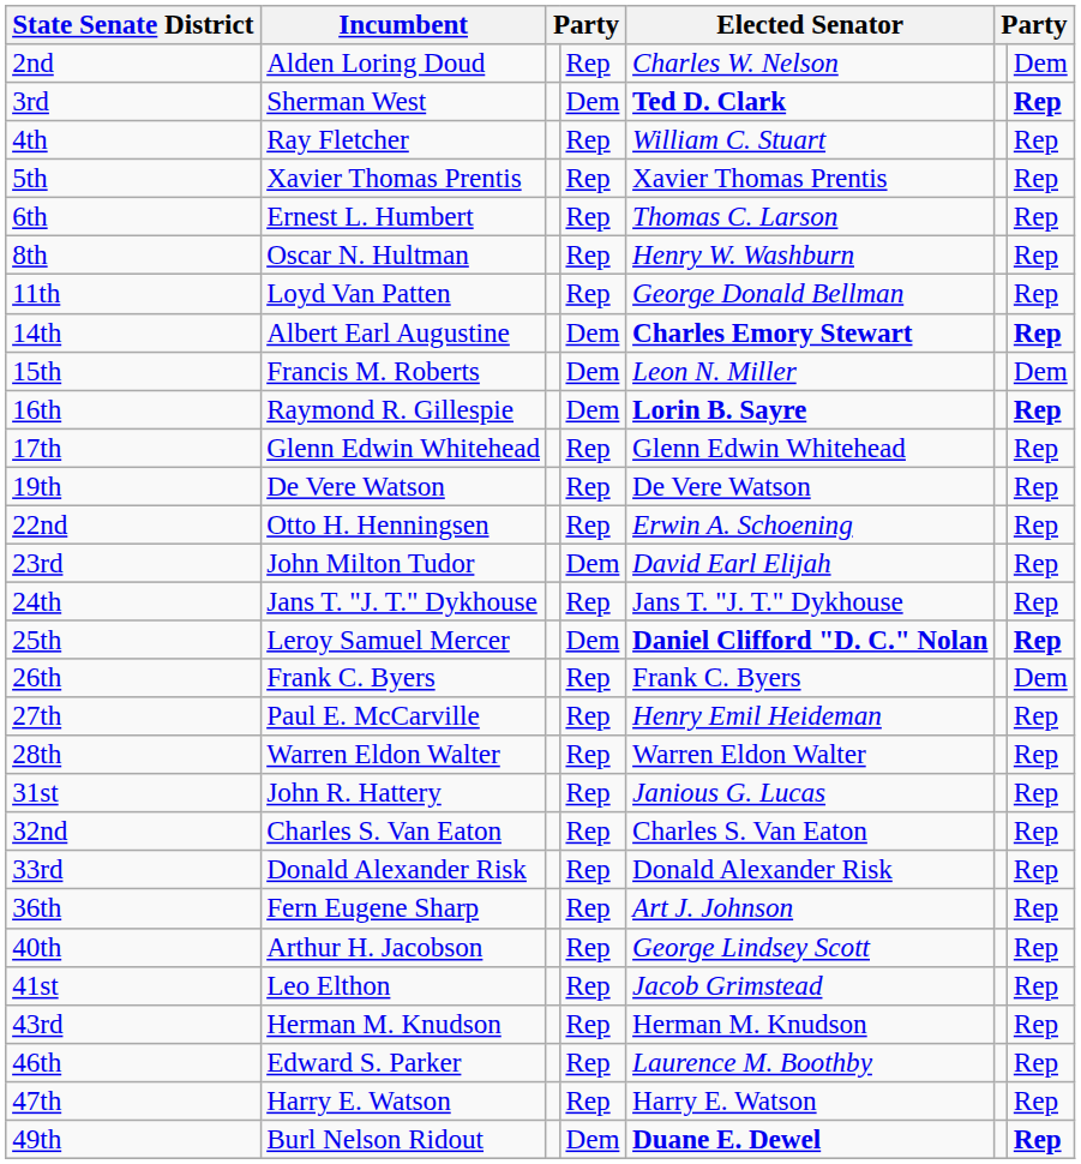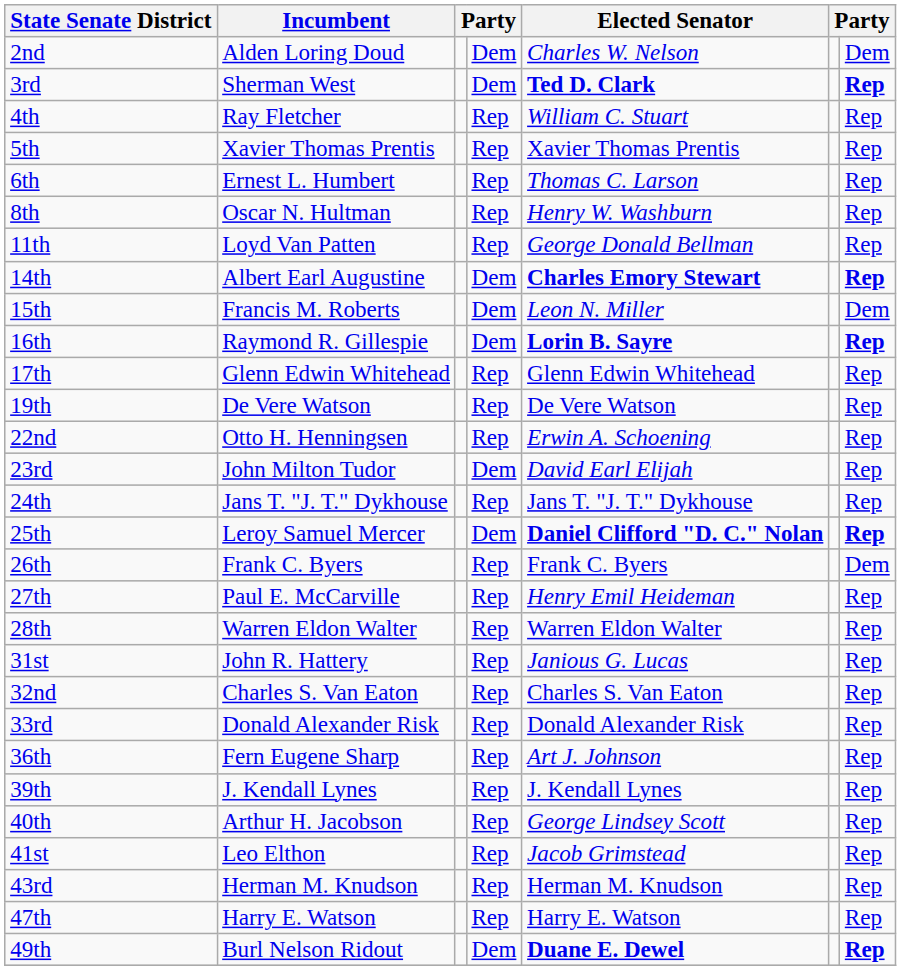 <table class="sortable wikitable" style="font-size:95%;line-height:14px;">
 <tr>
 <th class="unsortable"><a href='#'>State Senate</a> District</th>
 <th class="unsortable"><a href='#'>Incumbent</a></th>
 <th colspan="2">Party</th>
 <th class="unsortable">Elected Senator</th>
 <th colspan="2">Party</th>
 </tr>
 <tr>
 <td><a href='#'>2nd</a></td>
 <td><a href='#'>Alden Loring Doud</a></td>
 <td style="background:"></td>
-<td><a href='#'>Rep</a></td>
+<td><a href='#'>Dem</a></td>
 <td><em><a href='#'>Charles W. Nelson</a></em></td>
 <td style="background:"></td>
 <td><a href='#'>Dem</a></td>
 </tr>
 <tr>
 <td><a href='#'>3rd</a></td>
 <td><a href='#'>Sherman West</a></td>
 <td style="background:"></td>
 <td><a href='#'>Dem</a></td>
 <td><strong><a href='#'>Ted D. Clark</a></strong></td>
 <td style="background:"></td>
 <td><strong><a href='#'>Rep</a></strong></td>
 </tr>
 <tr>
 <td><a href='#'>4th</a></td>
 <td><a href='#'>Ray Fletcher</a></td>
 <td style="background:"></td>
 <td><a href='#'>Rep</a></td>
 <td><em><a href='#'>William C. Stuart</a></em></td>
 <td style="background:"></td>
 <td><a href='#'>Rep</a></td>
 </tr>
 <tr>
 <td><a href='#'>5th</a></td>
 <td><a href='#'>Xavier Thomas Prentis</a></td>
 <td style="background:"></td>
 <td><a href='#'>Rep</a></td>
 <td><a href='#'>Xavier Thomas Prentis</a></td>
 <td style="background:"></td>
 <td><a href='#'>Rep</a></td>
 </tr>
 <tr>
 <td><a href='#'>6th</a></td>
 <td><a href='#'>Ernest L. Humbert</a></td>
 <td style="background:"></td>
 <td><a href='#'>Rep</a></td>
 <td><em><a href='#'>Thomas C. Larson</a></em></td>
 <td style="background:"></td>
 <td><a href='#'>Rep</a></td>
 </tr>
 <tr>
 <td><a href='#'>8th</a></td>
 <td><a href='#'>Oscar N. Hultman</a></td>
 <td style="background:"></td>
 <td><a href='#'>Rep</a></td>
 <td><em><a href='#'>Henry W. Washburn</a></em></td>
 <td style="background:"></td>
 <td><a href='#'>Rep</a></td>
 </tr>
 <tr>
 <td><a href='#'>11th</a></td>
 <td><a href='#'>Loyd Van Patten</a></td>
 <td style="background:"></td>
 <td><a href='#'>Rep</a></td>
 <td><em><a href='#'>George Donald Bellman</a></em></td>
 <td style="background:"></td>
 <td><a href='#'>Rep</a></td>
 </tr>
 <tr>
 <td><a href='#'>14th</a></td>
 <td><a href='#'>Albert Earl Augustine</a></td>
 <td style="background:"></td>
 <td><a href='#'>Dem</a></td>
 <td><strong><a href='#'>Charles Emory Stewart</a></strong></td>
 <td style="background:"></td>
 <td><strong><a href='#'>Rep</a></strong></td>
 </tr>
 <tr>
 <td><a href='#'>15th</a></td>
 <td><a href='#'>Francis M. Roberts</a></td>
 <td style="background:"></td>
 <td><a href='#'>Dem</a></td>
 <td><em><a href='#'>Leon N. Miller</a></em></td>
 <td style="background:"></td>
 <td><a href='#'>Dem</a></td>
 </tr>
 <tr>
 <td><a href='#'>16th</a></td>
 <td><a href='#'>Raymond R. Gillespie</a></td>
 <td style="background:"></td>
 <td><a href='#'>Dem</a></td>
 <td><strong><a href='#'>Lorin B. Sayre</a></strong></td>
 <td style="background:"></td>
 <td><strong><a href='#'>Rep</a></strong></td>
 </tr>
 <tr>
 <td><a href='#'>17th</a></td>
 <td><a href='#'>Glenn Edwin Whitehead</a></td>
 <td style="background:"></td>
 <td><a href='#'>Rep</a></td>
 <td><a href='#'>Glenn Edwin Whitehead</a></td>
 <td style="background:"></td>
 <td><a href='#'>Rep</a></td>
 </tr>
 <tr>
 <td><a href='#'>19th</a></td>
 <td><a href='#'>De Vere Watson</a></td>
 <td style="background:"></td>
 <td><a href='#'>Rep</a></td>
 <td><a href='#'>De Vere Watson</a></td>
 <td style="background:"></td>
 <td><a href='#'>Rep</a></td>
 </tr>
 <tr>
 <td><a href='#'>22nd</a></td>
 <td><a href='#'>Otto H. Henningsen</a></td>
 <td style="background:"></td>
 <td><a href='#'>Rep</a></td>
 <td><em><a href='#'>Erwin A. Schoening</a></em></td>
 <td style="background:"></td>
 <td><a href='#'>Rep</a></td>
 </tr>
 <tr>
 <td><a href='#'>23rd</a></td>
 <td><a href='#'>John Milton Tudor</a></td>
 <td style="background:"></td>
 <td><a href='#'>Dem</a></td>
 <td><em><a href='#'>David Earl Elijah</a></em></td>
 <td style="background:"></td>
 <td><a href='#'>Rep</a></td>
 </tr>
 <tr>
 <td><a href='#'>24th</a></td>
 <td><a href='#'>Jans T. "J. T." Dykhouse</a></td>
 <td style="background:"></td>
 <td><a href='#'>Rep</a></td>
 <td><a href='#'>Jans T. "J. T." Dykhouse</a></td>
 <td style="background:"></td>
 <td><a href='#'>Rep</a></td>
 </tr>
 <tr>
 <td><a href='#'>25th</a></td>
 <td><a href='#'>Leroy Samuel Mercer</a></td>
 <td style="background:"></td>
 <td><a href='#'>Dem</a></td>
 <td><strong><a href='#'>Daniel Clifford "D. C." Nolan</a></strong></td>
 <td style="background:"></td>
 <td><strong><a href='#'>Rep</a></strong></td>
 </tr>
 <tr>
 <td><a href='#'>26th</a></td>
 <td><a href='#'>Frank C. Byers</a></td>
 <td style="background:"></td>
 <td><a href='#'>Rep</a></td>
 <td><a href='#'>Frank C. Byers</a></td>
 <td style="background:"></td>
 <td><a href='#'>Dem</a></td>
 </tr>
 <tr>
 <td><a href='#'>27th</a></td>
 <td><a href='#'>Paul E. McCarville</a></td>
 <td style="background:"></td>
 <td><a href='#'>Rep</a></td>
 <td><em><a href='#'>Henry Emil Heideman</a></em></td>
 <td style="background:"></td>
 <td><a href='#'>Rep</a></td>
 </tr>
 <tr>
 <td><a href='#'>28th</a></td>
 <td><a href='#'>Warren Eldon Walter</a></td>
 <td style="background:"></td>
 <td><a href='#'>Rep</a></td>
 <td><a href='#'>Warren Eldon Walter</a></td>
 <td style="background:"></td>
 <td><a href='#'>Rep</a></td>
 </tr>
 <tr>
 <td><a href='#'>31st</a></td>
 <td><a href='#'>John R. Hattery</a></td>
 <td style="background:"></td>
 <td><a href='#'>Rep</a></td>
 <td><em><a href='#'>Janious G. Lucas</a></em></td>
 <td style="background:"></td>
 <td><a href='#'>Rep</a></td>
 </tr>
 <tr>
 <td><a href='#'>32nd</a></td>
 <td><a href='#'>Charles S. Van Eaton</a></td>
 <td style="background:"></td>
 <td><a href='#'>Rep</a></td>
 <td><a href='#'>Charles S. Van Eaton</a></td>
 <td style="background:"></td>
 <td><a href='#'>Rep</a></td>
 </tr>
 <tr>
 <td><a href='#'>33rd</a></td>
 <td><a href='#'>Donald Alexander Risk</a></td>
 <td style="background:"></td>
 <td><a href='#'>Rep</a></td>
 <td><a href='#'>Donald Alexander Risk</a></td>
 <td style="background:"></td>
 <td><a href='#'>Rep</a></td>
 </tr>
 <tr>
 <td><a href='#'>36th</a></td>
 <td><a href='#'>Fern Eugene Sharp</a></td>
 <td style="background:"></td>
 <td><a href='#'>Rep</a></td>
 <td><em><a href='#'>Art J. Johnson</a></em></td>
 <td style="background:"></td>
 <td><a href='#'>Rep</a></td>
 </tr>
 <tr>
+<td><a href='#'>39th</a></td>
+<td><a href='#'>J. Kendall Lynes</a></td>
+<td style="background:"></td>
+<td><a href='#'>Rep</a></td>
+<td><a href='#'>J. Kendall Lynes</a></td>
+<td style="background:"></td>
+<td><a href='#'>Rep</a></td>
+</tr>
+<tr>
 <td><a href='#'>40th</a></td>
 <td><a href='#'>Arthur H. Jacobson</a></td>
 <td style="background:"></td>
 <td><a href='#'>Rep</a></td>
 <td><em><a href='#'>George Lindsey Scott</a></em></td>
 <td style="background:"></td>
 <td><a href='#'>Rep</a></td>
 </tr>
 <tr>
 <td><a href='#'>41st</a></td>
 <td><a href='#'>Leo Elthon</a></td>
 <td style="background:"></td>
 <td><a href='#'>Rep</a></td>
 <td><em><a href='#'>Jacob Grimstead</a></em></td>
 <td style="background:"></td>
 <td><a href='#'>Rep</a></td>
 </tr>
 <tr>
 <td><a href='#'>43rd</a></td>
 <td><a href='#'>Herman M. Knudson</a></td>
 <td style="background:"></td>
 <td><a href='#'>Rep</a></td>
 <td><a href='#'>Herman M. Knudson</a></td>
 <td style="background:"></td>
 <td><a href='#'>Rep</a></td>
 </tr>
 <tr>
-<td><a href='#'>46th</a></td>
-<td><a href='#'>Edward S. Parker</a></td>
-<td style="background:"></td>
-<td><a href='#'>Rep</a></td>
-<td><em><a href='#'>Laurence M. Boothby</a></em></td>
-<td style="background:"></td>
-<td><a href='#'>Rep</a></td>
-</tr>
-<tr>
 <td><a href='#'>47th</a></td>
 <td><a href='#'>Harry E. Watson</a></td>
 <td style="background:"></td>
 <td><a href='#'>Rep</a></td>
 <td><a href='#'>Harry E. Watson</a></td>
 <td style="background:"></td>
 <td><a href='#'>Rep</a></td>
 </tr>
 <tr>
 <td><a href='#'>49th</a></td>
 <td><a href='#'>Burl Nelson Ridout</a></td>
 <td style="background:"></td>
 <td><a href='#'>Dem</a></td>
 <td><strong><a href='#'>Duane E. Dewel</a></strong></td>
 <td style="background:"></td>
 <td><strong><a href='#'>Rep</a></strong></td>
 </tr>
 <tr>
 </tr>
 </table>
